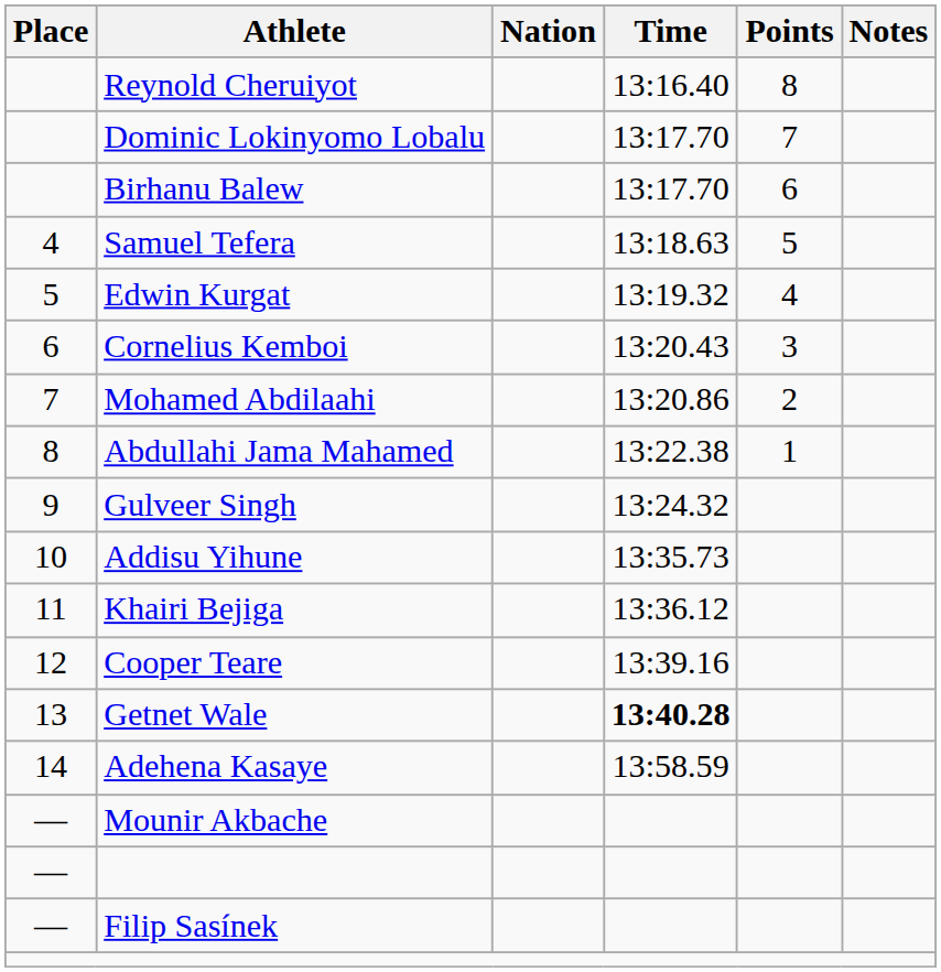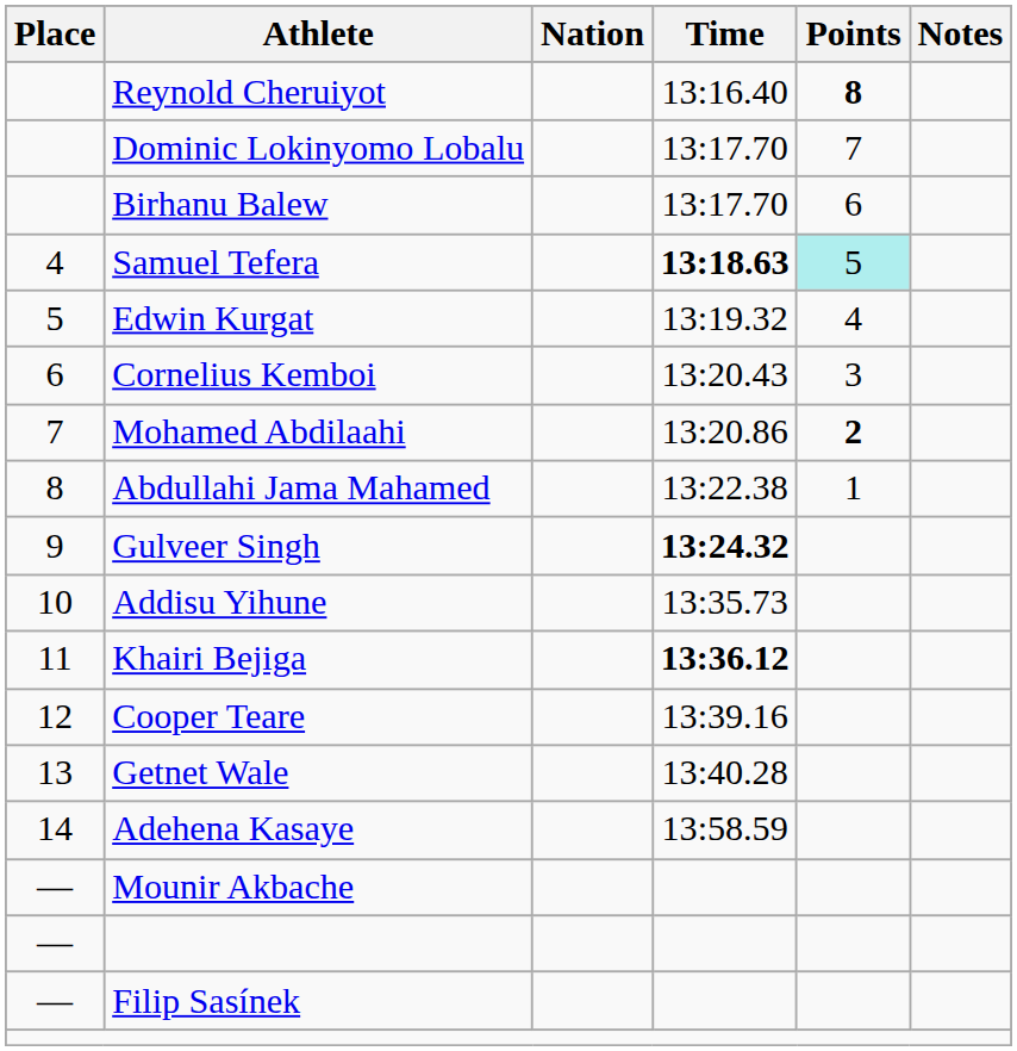 <table class="wikitable mw-datatable sortable" style="text-align:center;">
 <tr>
 <th scope="col">Place</th>
 <th scope="col">Athlete</th>
 <th scope="col">Nation</th>
 <th scope="col">Time</th>
 <th scope="col">Points</th>
 <th scope="col">Notes</th>
 </tr>
 <tr>
 <td></td>
 <td align="left"><a href='#'>Reynold Cheruiyot</a></td>
 <td align="left"></td>
 <td>13:16.40</td>
-<td>8</td>
+<td><strong>8</strong></td>
 <td></td>
 </tr>
 <tr>
 <td></td>
 <td align="left"><a href='#'>Dominic Lokinyomo Lobalu</a></td>
 <td align="left"></td>
 <td>13:17.70 </td>
 <td>7</td>
 <td></td>
 </tr>
 <tr>
 <td></td>
 <td align="left"><a href='#'>Birhanu Balew</a></td>
 <td align="left"></td>
 <td>13:17.70 </td>
 <td>6</td>
 <td></td>
 </tr>
 <tr>
 <td>4</td>
 <td align="left"><a href='#'>Samuel Tefera</a></td>
 <td align="left"></td>
-<td>13:18.63</td>
-<td>5</td>
+<td><strong>13:18.63</strong></td>
+<td style="background: paleturquoise;">5</td>
 <td></td>
 </tr>
 <tr>
 <td>5</td>
 <td align="left"><a href='#'>Edwin Kurgat</a></td>
 <td align="left"></td>
 <td>13:19.32</td>
 <td>4</td>
 <td></td>
 </tr>
 <tr>
 <td>6</td>
 <td align="left"><a href='#'>Cornelius Kemboi</a></td>
 <td align="left"></td>
 <td>13:20.43</td>
 <td>3</td>
 <td></td>
 </tr>
 <tr>
 <td>7</td>
 <td align="left"><a href='#'>Mohamed Abdilaahi</a></td>
 <td align="left"></td>
 <td>13:20.86</td>
-<td>2</td>
+<td><strong>2</strong></td>
 <td></td>
 </tr>
 <tr>
 <td>8</td>
 <td align="left"><a href='#'>Abdullahi Jama Mahamed</a></td>
 <td align="left"></td>
 <td>13:22.38</td>
 <td>1</td>
 <td></td>
 </tr>
 <tr>
 <td>9</td>
 <td align="left"><a href='#'>Gulveer Singh</a></td>
 <td align="left"></td>
-<td>13:24.32</td>
+<td><strong>13:24.32</strong></td>
 <td></td>
 <td></td>
 </tr>
 <tr>
 <td>10</td>
 <td align="left"><a href='#'>Addisu Yihune</a></td>
 <td align="left"></td>
 <td>13:35.73</td>
 <td></td>
 <td></td>
 </tr>
 <tr>
 <td>11</td>
 <td align="left"><a href='#'>Khairi Bejiga</a></td>
 <td align="left"></td>
-<td>13:36.12</td>
+<td><strong>13:36.12</strong></td>
 <td></td>
 <td></td>
 </tr>
 <tr>
 <td>12</td>
 <td align="left"><a href='#'>Cooper Teare</a></td>
 <td align="left"></td>
 <td>13:39.16</td>
 <td></td>
 <td></td>
 </tr>
 <tr>
 <td>13</td>
 <td align="left"><a href='#'>Getnet Wale</a></td>
 <td align="left"></td>
-<td><strong>13:40.28</strong></td>
+<td>13:40.28</td>
 <td></td>
 <td></td>
 </tr>
 <tr>
 <td>14</td>
 <td align="left"><a href='#'>Adehena Kasaye</a></td>
 <td align="left"></td>
 <td>13:58.59</td>
 <td></td>
 <td></td>
 </tr>
 <tr>
 <td>—</td>
 <td align="left"><a href='#'>Mounir Akbache</a></td>
 <td align="left"></td>
 <td></td>
 <td></td>
 <td></td>
 </tr>
 <tr>
 <td>—</td>
 <td align="left"></td>
 <td align="left"></td>
 <td></td>
 <td></td>
 <td></td>
 </tr>
 <tr>
 <td>—</td>
 <td align="left"><a href='#'>Filip Sasínek</a></td>
 <td align="left"></td>
 <td></td>
 <td></td>
 <td></td>
 </tr>
 <tr class="sortbottom">
 <td colspan="6"></td>
 </tr>
 </table>
